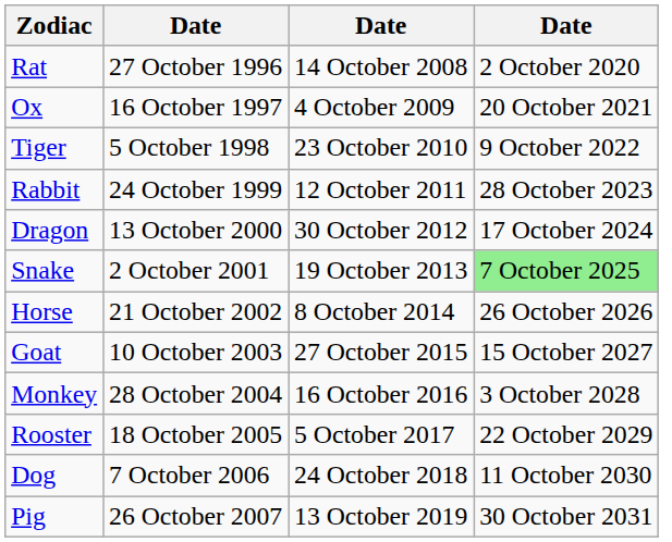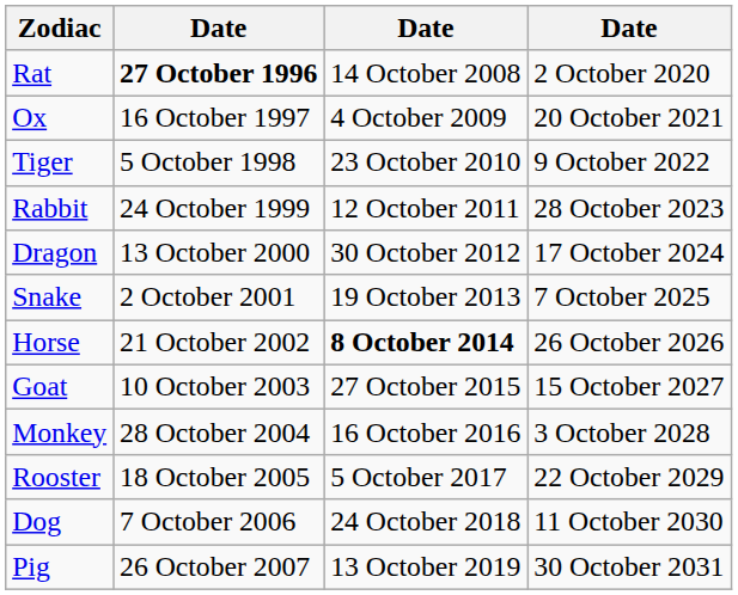 <table class="wikitable">
 <tr>
 <th>Zodiac</th>
 <th>Date</th>
 <th>Date</th>
 <th>Date</th>
 </tr>
 <tr>
 <td><a href='#'>Rat</a></td>
-<td>27 October 1996</td>
+<td><strong>27 October 1996</strong></td>
 <td>14 October 2008</td>
 <td>2 October 2020</td>
 </tr>
 <tr>
 <td><a href='#'>Ox</a></td>
 <td>16 October 1997</td>
 <td>4 October 2009</td>
 <td>20 October 2021</td>
 </tr>
 <tr>
 <td><a href='#'>Tiger</a></td>
 <td>5 October 1998</td>
 <td>23 October 2010</td>
 <td>9 October 2022</td>
 </tr>
 <tr>
 <td><a href='#'>Rabbit</a></td>
 <td>24 October 1999</td>
 <td>12 October 2011</td>
 <td>28 October 2023</td>
 </tr>
 <tr>
 <td><a href='#'>Dragon</a></td>
 <td>13 October 2000</td>
 <td>30 October 2012</td>
 <td>17 October 2024</td>
 </tr>
 <tr>
 <td><a href='#'>Snake</a></td>
 <td>2 October 2001</td>
 <td>19 October 2013</td>
-<td style="background: lightgreen;">7 October 2025</td>
+<td>7 October 2025</td>
 </tr>
 <tr>
 <td><a href='#'>Horse</a></td>
 <td>21 October 2002</td>
-<td>8 October 2014</td>
+<td><strong>8 October 2014</strong></td>
 <td>26 October 2026</td>
 </tr>
 <tr>
 <td><a href='#'>Goat</a></td>
 <td>10 October 2003</td>
 <td>27 October 2015</td>
 <td>15 October 2027</td>
 </tr>
 <tr>
 <td><a href='#'>Monkey</a></td>
 <td>28 October 2004</td>
 <td>16 October 2016</td>
 <td>3 October 2028</td>
 </tr>
 <tr>
 <td><a href='#'>Rooster</a></td>
 <td>18 October 2005</td>
 <td>5 October 2017</td>
 <td>22 October 2029</td>
 </tr>
 <tr>
 <td><a href='#'>Dog</a></td>
 <td>7 October 2006</td>
 <td>24 October 2018</td>
 <td>11 October 2030</td>
 </tr>
 <tr>
 <td><a href='#'>Pig</a></td>
 <td>26 October 2007</td>
 <td>13 October 2019</td>
 <td>30 October 2031</td>
 </tr>
 </table>
